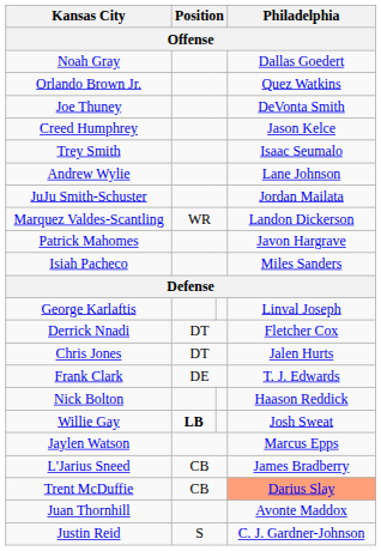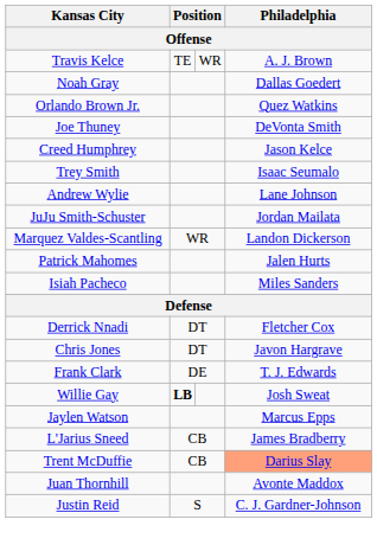 <table class="wikitable" style="text-align:center;margin:0 auto">
 <tr>
 <th style="width:180px;">Kansas City</th>
 <th colspan="2">Position</th>
 <th style="width:160px;">Philadelphia</th>
 </tr>
 <tr>
 <th colspan="4">Offense</th>
+</tr>
+<tr>
+<td><a href='#'>Travis Kelce</a></td>
+<td>TE</td>
+<td>WR</td>
+<td><a href='#'>A. J. Brown</a></td>
 </tr>
 <tr>
 <td><a href='#'>Noah Gray</a></td>
 <td colspan="2"></td>
 <td><a href='#'>Dallas Goedert</a></td>
 </tr>
 <tr>
 <td><a href='#'>Orlando Brown Jr.</a></td>
 <td colspan="2"></td>
 <td><a href='#'>Quez Watkins</a></td>
 </tr>
 <tr>
 <td><a href='#'>Joe Thuney</a></td>
 <td colspan="2"></td>
 <td><a href='#'>DeVonta Smith</a></td>
 </tr>
 <tr>
 <td><a href='#'>Creed Humphrey</a></td>
 <td colspan="2"></td>
 <td><a href='#'>Jason Kelce</a></td>
 </tr>
 <tr>
 <td><a href='#'>Trey Smith</a></td>
 <td colspan="2"></td>
 <td><a href='#'>Isaac Seumalo</a></td>
 </tr>
 <tr>
 <td><a href='#'>Andrew Wylie</a></td>
 <td colspan="2"></td>
 <td><a href='#'>Lane Johnson</a></td>
 </tr>
 <tr>
 <td><a href='#'>JuJu Smith-Schuster</a></td>
 <td colspan="2"></td>
 <td><a href='#'>Jordan Mailata</a></td>
 </tr>
 <tr>
 <td><a href='#'>Marquez Valdes-Scantling</a></td>
 <td colspan="2">WR</td>
 <td><a href='#'>Landon Dickerson</a></td>
 </tr>
 <tr>
 <td><a href='#'>Patrick Mahomes</a></td>
 <td colspan="2"></td>
-<td><a href='#'>Javon Hargrave</a></td>
+<td><a href='#'>Jalen Hurts</a></td>
 </tr>
 <tr>
 <td><a href='#'>Isiah Pacheco</a></td>
 <td colspan="2"></td>
 <td><a href='#'>Miles Sanders</a></td>
 </tr>
 <tr>
 <th colspan="4">Defense</th>
 </tr>
 <tr>
-<td><a href='#'>George Karlaftis</a></td>
-<td></td>
-<td></td>
-<td><a href='#'>Linval Joseph</a></td>
-</tr>
-<tr>
 <td><a href='#'>Derrick Nnadi</a></td>
 <td colspan="2">DT</td>
 <td><a href='#'>Fletcher Cox</a></td>
 </tr>
 <tr>
 <td><a href='#'>Chris Jones</a></td>
 <td colspan="2">DT</td>
-<td><a href='#'>Jalen Hurts</a></td>
+<td><a href='#'>Javon Hargrave</a></td>
 </tr>
 <tr>
 <td><a href='#'>Frank Clark</a></td>
 <td colspan="2">DE</td>
 <td><a href='#'>T. J. Edwards</a></td>
-</tr>
-<tr>
-<td><a href='#'>Nick Bolton</a></td>
-<td></td>
-<td></td>
-<td><a href='#'>Haason Reddick</a></td>
 </tr>
 <tr>
 <td><a href='#'>Willie Gay</a></td>
 <td><strong>LB</strong></td>
 <td></td>
 <td><a href='#'>Josh Sweat</a></td>
 </tr>
 <tr>
 <td><a href='#'>Jaylen Watson</a></td>
 <td colspan="2"></td>
 <td><a href='#'>Marcus Epps</a></td>
 </tr>
 <tr>
 <td><a href='#'>L'Jarius Sneed</a></td>
 <td colspan="2">CB</td>
 <td><a href='#'>James Bradberry</a></td>
 </tr>
 <tr>
 <td><a href='#'>Trent McDuffie</a></td>
 <td colspan="2">CB</td>
 <td style="background: lightsalmon;"><a href='#'>Darius Slay</a></td>
 </tr>
 <tr>
 <td><a href='#'>Juan Thornhill</a></td>
 <td colspan="2"></td>
 <td><a href='#'>Avonte Maddox</a></td>
 </tr>
 <tr>
 <td><a href='#'>Justin Reid</a></td>
 <td colspan="2">S</td>
 <td><a href='#'>C. J. Gardner-Johnson</a></td>
 </tr>
 </table>
